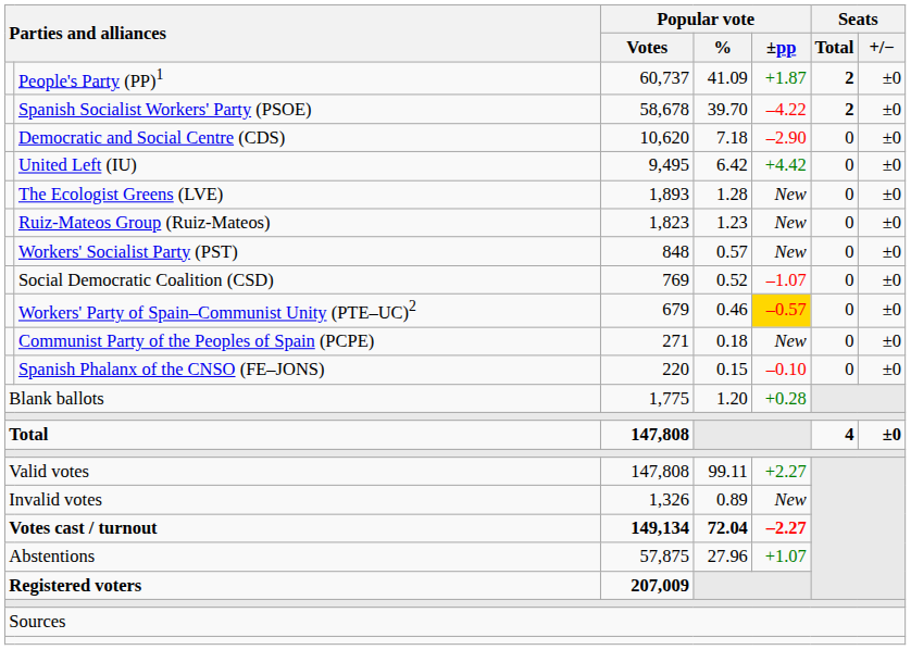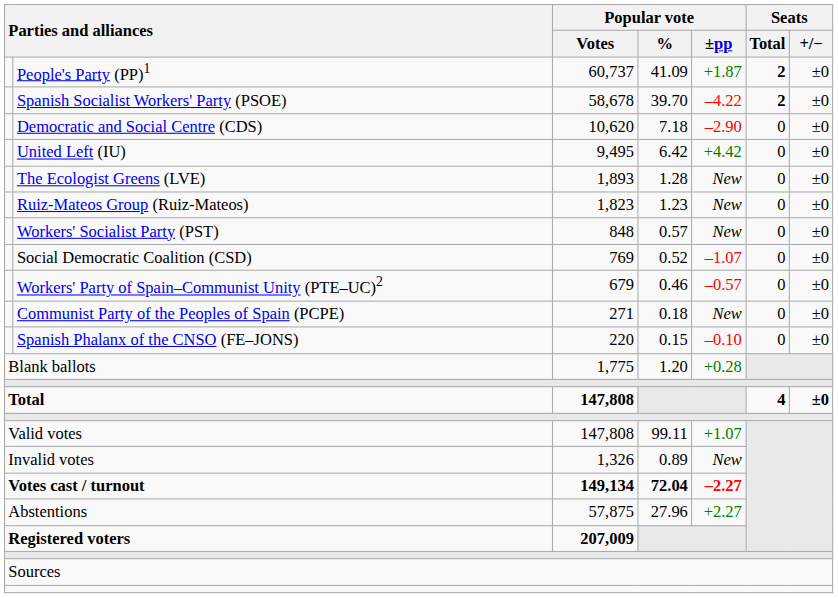 <table class="wikitable" style="text-align:right;">
 <tr>
 <th style="text-align:left;" rowspan="2" colspan="2" width="525">Parties and alliances</th>
 <th colspan="3">Popular vote</th>
 <th colspan="2">Seats</th>
 </tr>
 <tr>
 <th width="75">Votes</th>
 <th width="45">%</th>
 <th width="45">±<a href='#'>pp</a></th>
 <th width="35">Total</th>
 <th width="35">+/−</th>
 </tr>
 <tr>
 <td style="color:inherit;background:"></td>
 <td align="left"><a href='#'>People's Party</a> (PP)<sup>1</sup></td>
 <td>60,737</td>
 <td>41.09</td>
 <td style="color:green;">+1.87</td>
 <td><strong>2</strong></td>
 <td>±0</td>
 </tr>
 <tr>
 <td width="1" style="color:inherit;background:"></td>
 <td align="left"><a href='#'>Spanish Socialist Workers' Party</a> (PSOE)</td>
 <td>58,678</td>
 <td>39.70</td>
 <td style="color:red;">–4.22</td>
 <td><strong>2</strong></td>
 <td>±0</td>
 </tr>
 <tr>
 <td style="color:inherit;background:"></td>
 <td align="left"><a href='#'>Democratic and Social Centre</a> (CDS)</td>
 <td>10,620</td>
 <td>7.18</td>
 <td style="color:red;">–2.90</td>
 <td>0</td>
 <td>±0</td>
 </tr>
 <tr>
 <td style="color:inherit;background:"></td>
 <td align="left"><a href='#'>United Left</a> (IU)</td>
 <td>9,495</td>
 <td>6.42</td>
 <td style="color:green;">+4.42</td>
 <td>0</td>
 <td>±0</td>
 </tr>
 <tr>
 <td style="color:inherit;background:"></td>
 <td align="left"><a href='#'>The Ecologist Greens</a> (LVE)</td>
 <td>1,893</td>
 <td>1.28</td>
 <td><em>New</em></td>
 <td>0</td>
 <td>±0</td>
 </tr>
 <tr>
 <td style="color:inherit;background:"></td>
 <td align="left"><a href='#'>Ruiz-Mateos Group</a> (Ruiz-Mateos)</td>
 <td>1,823</td>
 <td>1.23</td>
 <td><em>New</em></td>
 <td>0</td>
 <td>±0</td>
 </tr>
 <tr>
 <td style="color:inherit;background:"></td>
 <td align="left"><a href='#'>Workers' Socialist Party</a> (PST)</td>
 <td>848</td>
 <td>0.57</td>
 <td><em>New</em></td>
 <td>0</td>
 <td>±0</td>
 </tr>
 <tr>
 <td style="color:inherit;background:"></td>
 <td align="left">Social Democratic Coalition (CSD)</td>
 <td>769</td>
 <td>0.52</td>
 <td style="color:red;">–1.07</td>
 <td>0</td>
 <td>±0</td>
 </tr>
 <tr>
 <td style="color:inherit;background:"></td>
 <td align="left"><a href='#'>Workers' Party of Spain–Communist Unity</a> (PTE–UC)<sup>2</sup></td>
 <td>679</td>
 <td>0.46</td>
-<td style="background: gold; color:red;">–0.57</td>
+<td style="color:red;">–0.57</td>
 <td>0</td>
 <td>±0</td>
 </tr>
 <tr>
 <td style="color:inherit;background:"></td>
 <td align="left"><a href='#'>Communist Party of the Peoples of Spain</a> (PCPE)</td>
 <td>271</td>
 <td>0.18</td>
 <td><em>New</em></td>
 <td>0</td>
 <td>±0</td>
 </tr>
 <tr>
 <td style="color:inherit;background:"></td>
 <td align="left"><a href='#'>Spanish Phalanx of the CNSO</a> (FE–JONS)</td>
 <td>220</td>
 <td>0.15</td>
 <td style="color:red;">–0.10</td>
 <td>0</td>
 <td>±0</td>
 </tr>
 <tr>
 <td align="left" colspan="2">Blank ballots</td>
 <td>1,775</td>
 <td>1.20</td>
 <td style="color:green;">+0.28</td>
 <td bgcolor="#E9E9E9" colspan="2"></td>
 </tr>
 <tr>
 <td colspan="7" bgcolor="#E9E9E9"></td>
 </tr>
 <tr style="font-weight:bold;">
 <td align="left" colspan="2">Total</td>
 <td>147,808</td>
 <td bgcolor="#E9E9E9" colspan="2"></td>
 <td>4</td>
 <td>±0</td>
 </tr>
 <tr>
 <td colspan="7" bgcolor="#E9E9E9"></td>
 </tr>
 <tr>
 <td align="left" colspan="2">Valid votes</td>
 <td>147,808</td>
 <td>99.11</td>
-<td style="color:green;">+2.27</td>
+<td style="color:green;">+1.07</td>
 <td bgcolor="#E9E9E9" colspan="2" rowspan="5"></td>
 </tr>
 <tr>
 <td align="left" colspan="2">Invalid votes</td>
 <td>1,326</td>
 <td>0.89</td>
 <td><em>New</em></td>
 </tr>
 <tr style="font-weight:bold;">
 <td align="left" colspan="2">Votes cast / turnout</td>
 <td>149,134</td>
 <td>72.04</td>
 <td style="color:red;">–2.27</td>
 </tr>
 <tr>
 <td align="left" colspan="2">Abstentions</td>
 <td>57,875</td>
 <td>27.96</td>
-<td style="color:green;">+1.07</td>
+<td style="color:green;">+2.27</td>
 </tr>
 <tr style="font-weight:bold;">
 <td align="left" colspan="2">Registered voters</td>
 <td>207,009</td>
 <td bgcolor="#E9E9E9" colspan="2"></td>
 </tr>
 <tr>
 <td colspan="7" bgcolor="#E9E9E9"></td>
 </tr>
 <tr>
 <td align="left" colspan="7">Sources</td>
 </tr>
 <tr>
 <td colspan="7" style="text-align:left; max-width:790px;"></td>
 </tr>
 </table>
